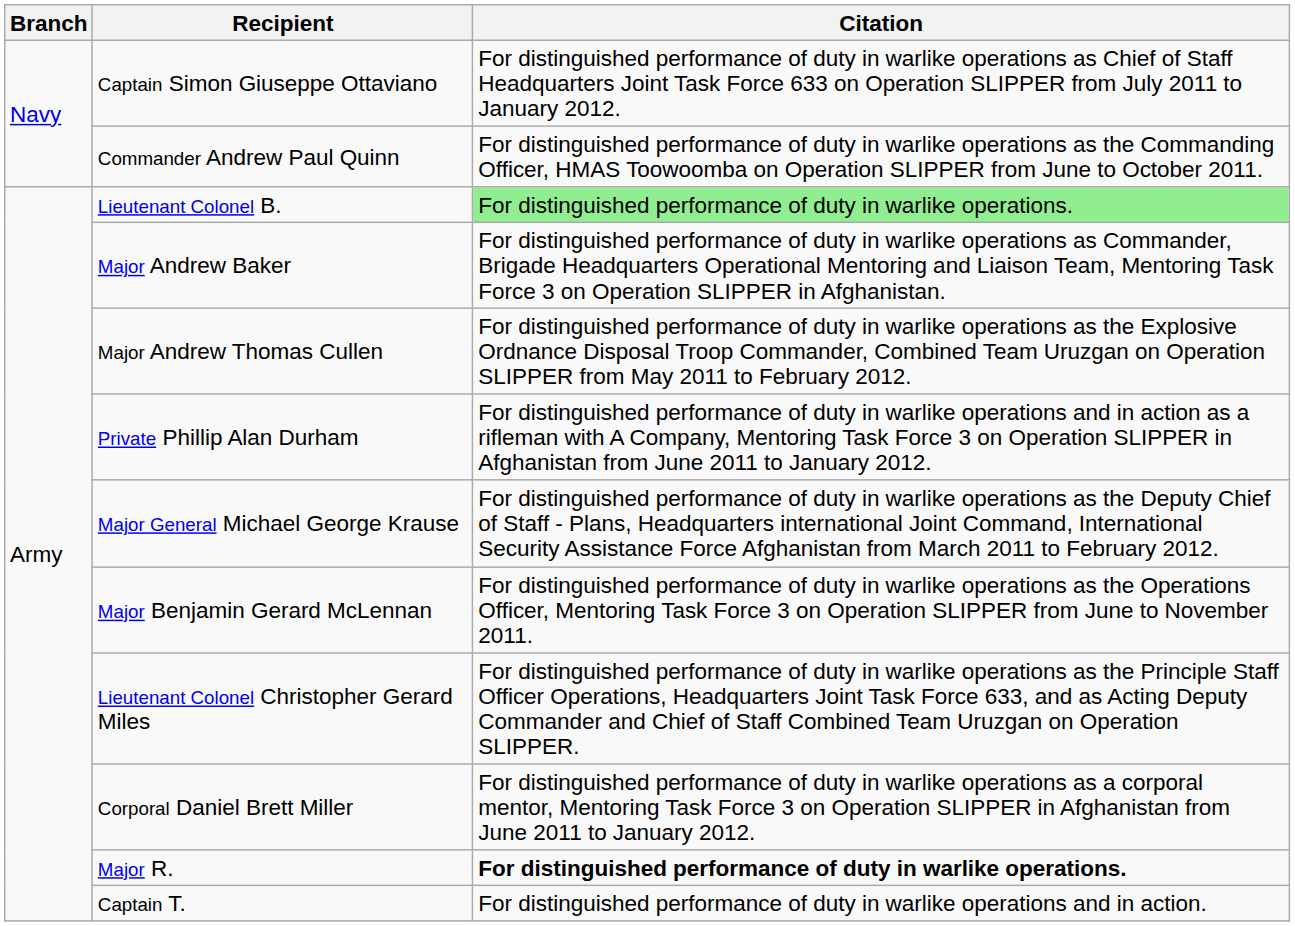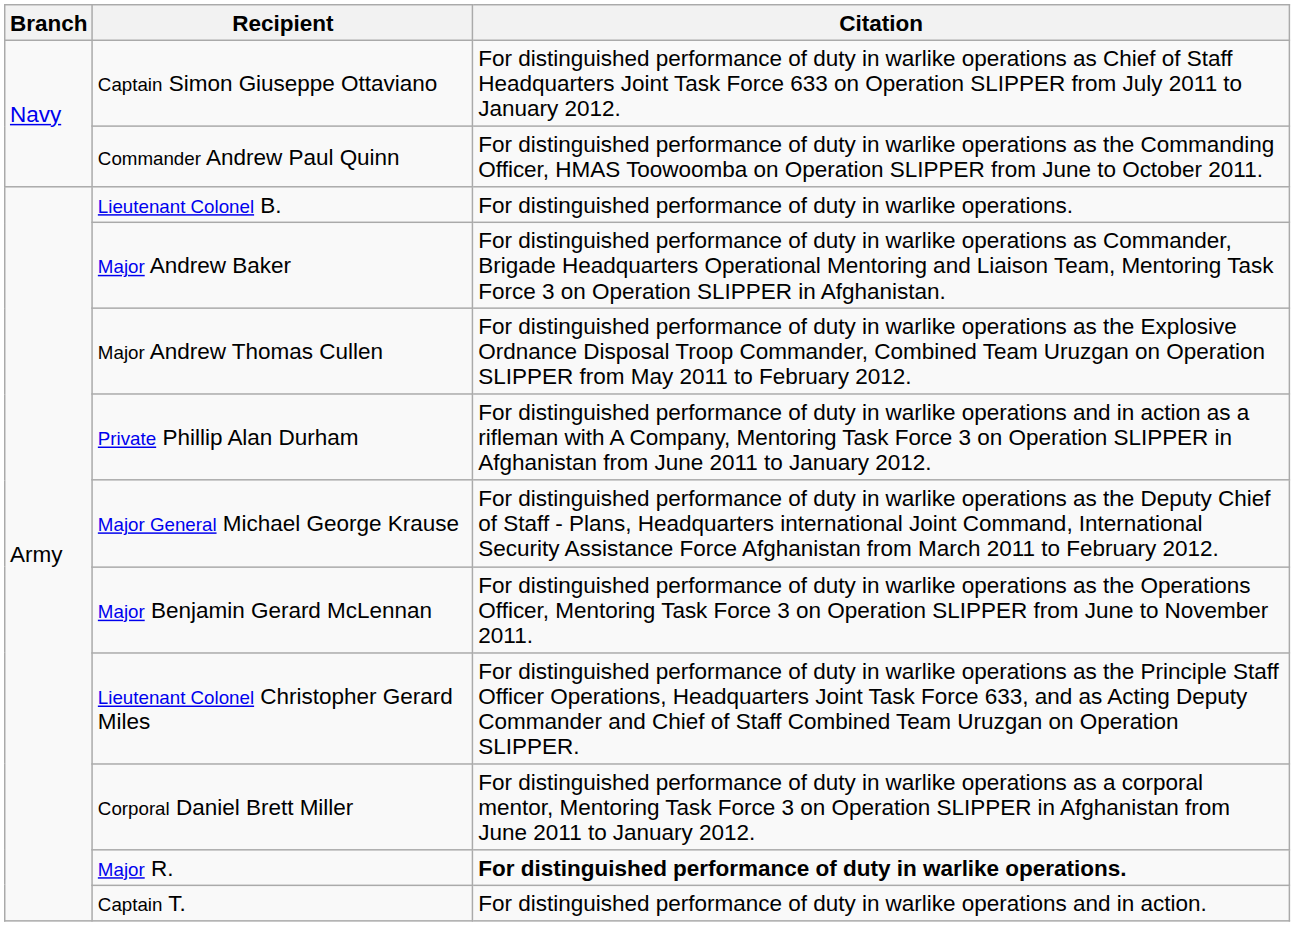 <table class="wikitable" style="font-size:95%;">
 <tr>
 <th scope="col" width="50">Branch</th>
 <th scope="col" width="250">Recipient</th>
 <th>Citation</th>
 </tr>
 <tr>
 <td rowspan="2"><a href='#'>Navy</a></td>
 <td><small>Captain</small> Simon Giuseppe Ottaviano</td>
 <td>For distinguished performance  of duty in warlike operations as  Chief of Staff Headquarters Joint Task Force 633 on Operation SLIPPER from July 2011 to January 2012.</td>
 </tr>
 <tr>
 <td><small>Commander</small> Andrew Paul Quinn</td>
 <td>For distinguished performance of duty in  warlike operations as the Commanding Officer, HMAS Toowoomba on Operation SLIPPER from June to October 2011.</td>
 </tr>
 <tr>
 <td rowspan="10">Army</td>
 <td><small><a href='#'>Lieutenant Colonel</a></small> B.</td>
-<td style="background: lightgreen;">For distinguished performance of duty in warlike operations.</td>
+<td>For distinguished performance of duty in warlike operations.</td>
 </tr>
 <tr>
 <td><small><a href='#'>Major</a></small> Andrew Baker</td>
 <td>For distinguished performance of duty in warlike operations as Commander, Brigade Headquarters Operational Mentoring and Liaison Team, Mentoring Task Force 3 on Operation SLIPPER in Afghanistan.</td>
 </tr>
 <tr>
 <td><small>Major</small> Andrew Thomas Cullen</td>
 <td>For distinguished performance of duty in  warlike operations as the Explosive Ordnance Disposal Troop Commander, Combined Team Uruzgan on Operation SLIPPER from May 2011 to February 2012.</td>
 </tr>
 <tr>
 <td><small><a href='#'>Private</a></small> Phillip Alan Durham</td>
 <td>For distinguished performance  of duty in warlike operations and in action as a rifleman with A Company, Mentoring Task Force 3 on Operation SLIPPER in Afghanistan from June 2011 to January 2012.</td>
 </tr>
 <tr>
 <td><small><a href='#'>Major General</a></small> Michael George Krause</td>
 <td>For distinguished performance of duty in warlike operations as the Deputy Chief of Staff - Plans, Headquarters international Joint Command, International Security Assistance Force Afghanistan from March 2011 to February 2012.</td>
 </tr>
 <tr>
 <td><small><a href='#'>Major</a></small> Benjamin Gerard McLennan</td>
 <td>For distinguished performance of duty in warlike operations as the Operations Officer, Mentoring Task Force 3 on Operation SLIPPER from June to November 2011.</td>
 </tr>
 <tr>
 <td><small><a href='#'>Lieutenant Colonel</a></small> Christopher Gerard Miles</td>
 <td>For distinguished performance of duty in warlike operations as the Principle Staff Officer Operations, Headquarters Joint  Task Force 633, and as Acting Deputy Commander and Chief of Staff Combined Team Uruzgan on Operation SLIPPER.</td>
 </tr>
 <tr>
 <td><small>Corporal</small> Daniel Brett Miller</td>
 <td>For distinguished performance of duty in warlike operations as  a corporal mentor, Mentoring Task Force 3 on  Operation SLIPPER in Afghanistan from June 2011 to January 2012.</td>
 </tr>
 <tr>
 <td><small><a href='#'>Major</a></small> R.</td>
 <td><strong>For distinguished performance of duty in warlike operations.</strong></td>
 </tr>
 <tr>
 <td><small>Captain</small> T.</td>
 <td>For distinguished performance of duty in warlike operations and in action.</td>
 </tr>
 </table>
